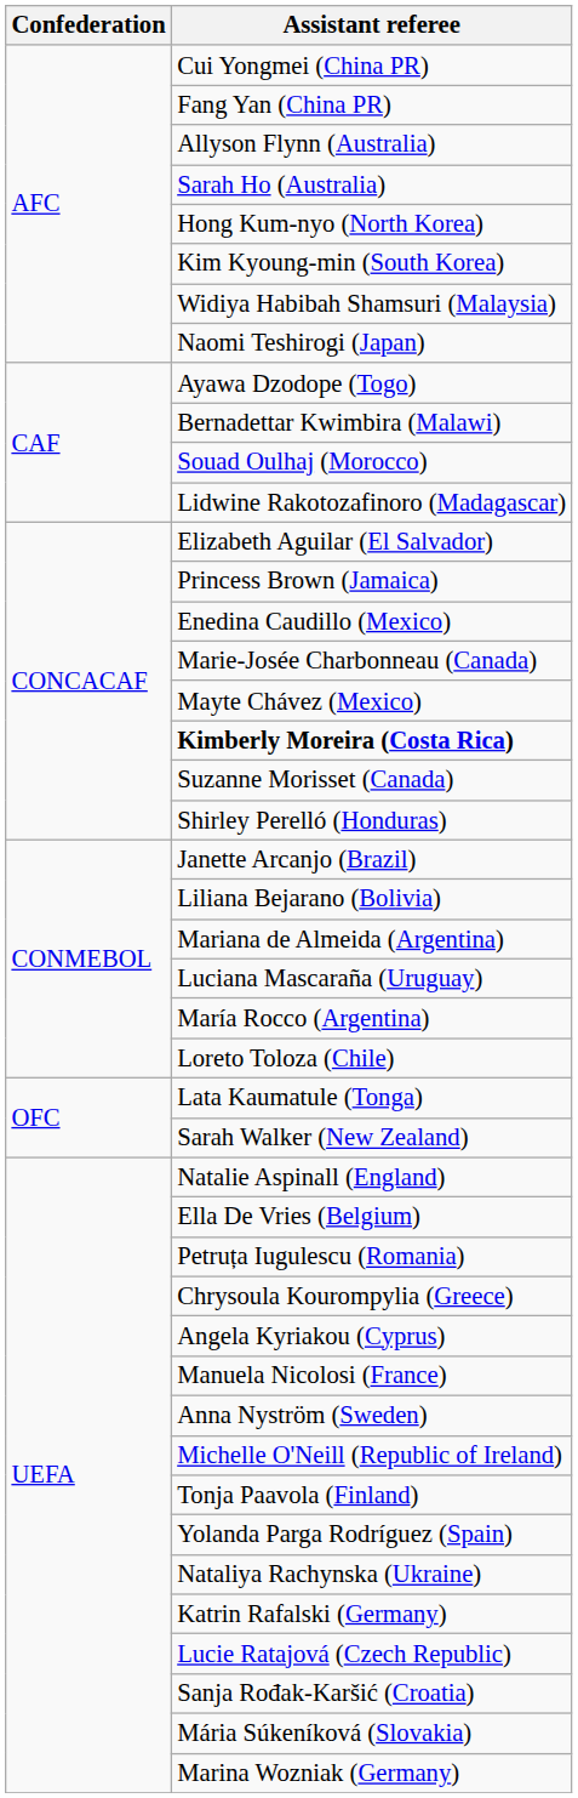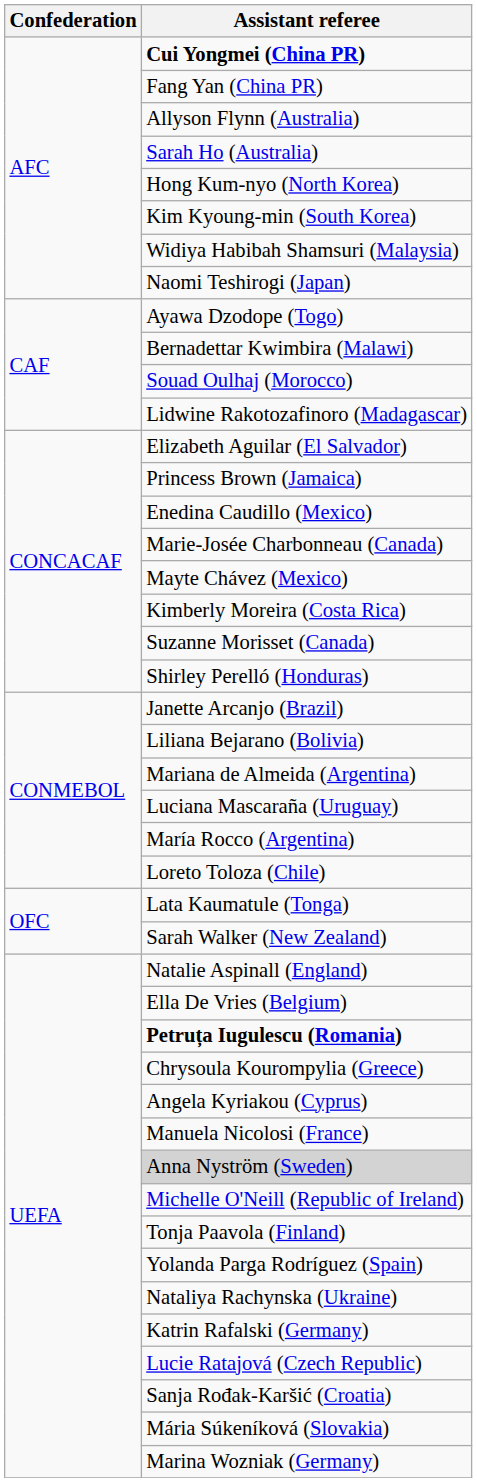 <table class="wikitable">
 <tr>
 <th>Confederation</th>
 <th>Assistant referee</th>
 </tr>
 <tr>
 <td rowspan="8"><a href='#'>AFC</a></td>
-<td>Cui Yongmei (<a href='#'>China PR</a>)</td>
+<td><strong>Cui Yongmei (<a href='#'>China PR</a>)</strong></td>
 </tr>
 <tr>
 <td>Fang Yan (<a href='#'>China PR</a>)</td>
 </tr>
 <tr>
 <td>Allyson Flynn (<a href='#'>Australia</a>)</td>
 </tr>
 <tr>
 <td><a href='#'>Sarah Ho</a> (<a href='#'>Australia</a>)</td>
 </tr>
 <tr>
 <td>Hong Kum-nyo (<a href='#'>North Korea</a>)</td>
 </tr>
 <tr>
 <td>Kim Kyoung-min (<a href='#'>South Korea</a>)</td>
 </tr>
 <tr>
 <td>Widiya Habibah Shamsuri (<a href='#'>Malaysia</a>)</td>
 </tr>
 <tr>
 <td>Naomi Teshirogi (<a href='#'>Japan</a>)</td>
 </tr>
 <tr>
 <td rowspan="4"><a href='#'>CAF</a></td>
 <td>Ayawa Dzodope (<a href='#'>Togo</a>)</td>
 </tr>
 <tr>
 <td>Bernadettar Kwimbira (<a href='#'>Malawi</a>)</td>
 </tr>
 <tr>
 <td><a href='#'>Souad Oulhaj</a> (<a href='#'>Morocco</a>)</td>
 </tr>
 <tr>
 <td>Lidwine Rakotozafinoro (<a href='#'>Madagascar</a>)</td>
 </tr>
 <tr>
 <td rowspan="8"><a href='#'>CONCACAF</a></td>
 <td>Elizabeth Aguilar (<a href='#'>El Salvador</a>)</td>
 </tr>
 <tr>
 <td>Princess Brown (<a href='#'>Jamaica</a>)</td>
 </tr>
 <tr>
 <td>Enedina Caudillo (<a href='#'>Mexico</a>)</td>
 </tr>
 <tr>
 <td>Marie-Josée Charbonneau (<a href='#'>Canada</a>)</td>
 </tr>
 <tr>
 <td>Mayte Chávez (<a href='#'>Mexico</a>)</td>
 </tr>
 <tr>
-<td><strong>Kimberly Moreira (<a href='#'>Costa Rica</a>)</strong></td>
+<td>Kimberly Moreira (<a href='#'>Costa Rica</a>)</td>
 </tr>
 <tr>
 <td>Suzanne Morisset (<a href='#'>Canada</a>)</td>
 </tr>
 <tr>
 <td>Shirley Perelló (<a href='#'>Honduras</a>)</td>
 </tr>
 <tr>
 <td rowspan="6"><a href='#'>CONMEBOL</a></td>
 <td>Janette Arcanjo (<a href='#'>Brazil</a>)</td>
 </tr>
 <tr>
 <td>Liliana Bejarano (<a href='#'>Bolivia</a>)</td>
 </tr>
 <tr>
 <td>Mariana de Almeida (<a href='#'>Argentina</a>)</td>
 </tr>
 <tr>
 <td>Luciana Mascaraña (<a href='#'>Uruguay</a>)</td>
 </tr>
 <tr>
 <td>María Rocco (<a href='#'>Argentina</a>)</td>
 </tr>
 <tr>
 <td>Loreto Toloza (<a href='#'>Chile</a>)</td>
 </tr>
 <tr>
 <td rowspan="2"><a href='#'>OFC</a></td>
 <td>Lata Kaumatule (<a href='#'>Tonga</a>)</td>
 </tr>
 <tr>
 <td>Sarah Walker (<a href='#'>New Zealand</a>)</td>
 </tr>
 <tr>
 <td rowspan="16"><a href='#'>UEFA</a></td>
 <td>Natalie Aspinall (<a href='#'>England</a>)</td>
 </tr>
 <tr>
 <td>Ella De Vries (<a href='#'>Belgium</a>)</td>
 </tr>
 <tr>
-<td>Petruța Iugulescu (<a href='#'>Romania</a>)</td>
+<td><strong>Petruța Iugulescu (<a href='#'>Romania</a>)</strong></td>
 </tr>
 <tr>
 <td>Chrysoula Kourompylia (<a href='#'>Greece</a>)</td>
 </tr>
 <tr>
 <td>Angela Kyriakou (<a href='#'>Cyprus</a>)</td>
 </tr>
 <tr>
 <td>Manuela Nicolosi (<a href='#'>France</a>)</td>
 </tr>
 <tr>
-<td>Anna Nyström (<a href='#'>Sweden</a>)</td>
+<td style="background: lightgrey;">Anna Nyström (<a href='#'>Sweden</a>)</td>
 </tr>
 <tr>
 <td><a href='#'>Michelle O'Neill</a> (<a href='#'>Republic of Ireland</a>)</td>
 </tr>
 <tr>
 <td>Tonja Paavola (<a href='#'>Finland</a>)</td>
 </tr>
 <tr>
 <td>Yolanda Parga Rodríguez (<a href='#'>Spain</a>)</td>
 </tr>
 <tr>
 <td>Nataliya Rachynska (<a href='#'>Ukraine</a>)</td>
 </tr>
 <tr>
 <td>Katrin Rafalski (<a href='#'>Germany</a>)</td>
 </tr>
 <tr>
 <td><a href='#'>Lucie Ratajová</a> (<a href='#'>Czech Republic</a>)</td>
 </tr>
 <tr>
 <td>Sanja Rođak-Karšić (<a href='#'>Croatia</a>)</td>
 </tr>
 <tr>
 <td>Mária Súkeníková (<a href='#'>Slovakia</a>)</td>
 </tr>
 <tr>
 <td>Marina Wozniak (<a href='#'>Germany</a>)</td>
 </tr>
 </table>
